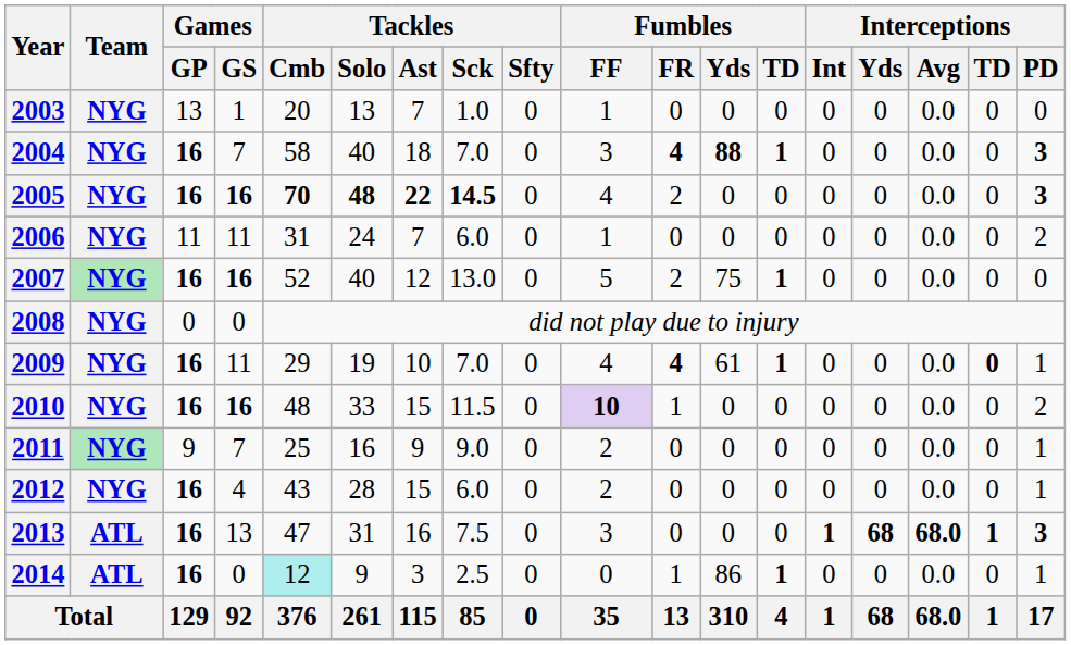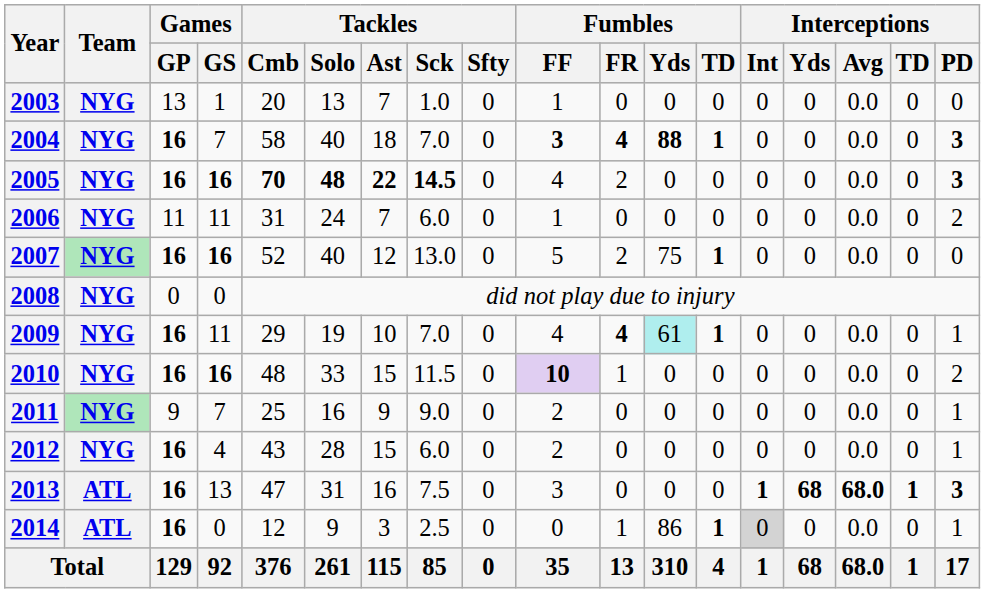 <table class="wikitable" style="text-align:center;">
 <tr>
 <th rowspan="2">Year</th>
 <th rowspan="2">Team</th>
 <th colspan="2">Games</th>
 <th colspan="5">Tackles</th>
 <th colspan="4">Fumbles</th>
 <th colspan="5">Interceptions</th>
 </tr>
 <tr>
 <th>GP</th>
 <th>GS</th>
 <th>Cmb</th>
 <th>Solo</th>
 <th>Ast</th>
 <th>Sck</th>
 <th>Sfty</th>
 <th>FF</th>
 <th>FR</th>
 <th>Yds</th>
 <th>TD</th>
 <th>Int</th>
 <th>Yds</th>
 <th>Avg</th>
 <th>TD</th>
 <th>PD</th>
 </tr>
 <tr>
 <th><a href='#'>2003</a></th>
 <th><a href='#'>NYG</a></th>
 <td>13</td>
 <td>1</td>
 <td>20</td>
 <td>13</td>
 <td>7</td>
 <td>1.0</td>
 <td>0</td>
 <td>1</td>
 <td>0</td>
 <td>0</td>
 <td>0</td>
 <td>0</td>
 <td>0</td>
 <td>0.0</td>
 <td>0</td>
 <td>0</td>
 </tr>
 <tr>
 <th><a href='#'>2004</a></th>
 <th><a href='#'>NYG</a></th>
 <td><strong>16</strong></td>
 <td>7</td>
 <td>58</td>
 <td>40</td>
 <td>18</td>
 <td>7.0</td>
 <td>0</td>
-<td>3</td>
+<td><strong>3</strong></td>
 <td><strong>4</strong></td>
 <td><strong>88</strong></td>
 <td><strong>1</strong></td>
 <td>0</td>
 <td>0</td>
 <td>0.0</td>
 <td>0</td>
 <td><strong>3</strong></td>
 </tr>
 <tr>
 <th><a href='#'>2005</a></th>
 <th><a href='#'>NYG</a></th>
 <td><strong>16</strong></td>
 <td><strong>16</strong></td>
 <td><strong>70</strong></td>
 <td><strong>48</strong></td>
 <td><strong>22</strong></td>
 <td><strong>14.5</strong></td>
 <td>0</td>
 <td>4</td>
 <td>2</td>
 <td>0</td>
 <td>0</td>
 <td>0</td>
 <td>0</td>
 <td>0.0</td>
 <td>0</td>
 <td><strong>3</strong></td>
 </tr>
 <tr>
 <th><a href='#'>2006</a></th>
 <th><a href='#'>NYG</a></th>
 <td>11</td>
 <td>11</td>
 <td>31</td>
 <td>24</td>
 <td>7</td>
 <td>6.0</td>
 <td>0</td>
 <td>1</td>
 <td>0</td>
 <td>0</td>
 <td>0</td>
 <td>0</td>
 <td>0</td>
 <td>0.0</td>
 <td>0</td>
 <td>2</td>
 </tr>
 <tr>
 <th><a href='#'>2007</a></th>
 <th style="background:#afe6ba; width:3em;"><a href='#'>NYG</a></th>
 <td><strong>16</strong></td>
 <td><strong>16</strong></td>
 <td>52</td>
 <td>40</td>
 <td>12</td>
 <td>13.0</td>
 <td>0</td>
 <td>5</td>
 <td>2</td>
 <td>75</td>
 <td><strong>1</strong></td>
 <td>0</td>
 <td>0</td>
 <td>0.0</td>
 <td>0</td>
 <td>0</td>
 </tr>
 <tr>
 <th><a href='#'>2008</a></th>
 <th><a href='#'>NYG</a></th>
 <td>0</td>
 <td>0</td>
 <td colspan="14"><em>did not play due to injury</em></td>
 </tr>
 <tr>
 <th><a href='#'>2009</a></th>
 <th><a href='#'>NYG</a></th>
 <td><strong>16</strong></td>
 <td>11</td>
 <td>29</td>
 <td>19</td>
 <td>10</td>
 <td>7.0</td>
 <td>0</td>
 <td>4</td>
 <td><strong>4</strong></td>
-<td>61</td>
+<td style="background: paleturquoise;">61</td>
 <td><strong>1</strong></td>
 <td>0</td>
 <td>0</td>
 <td>0.0</td>
-<td><strong>0</strong></td>
+<td>0</td>
 <td>1</td>
 </tr>
 <tr>
 <th><a href='#'>2010</a></th>
 <th><a href='#'>NYG</a></th>
 <td><strong>16</strong></td>
 <td><strong>16</strong></td>
 <td>48</td>
 <td>33</td>
 <td>15</td>
 <td>11.5</td>
 <td>0</td>
 <td style="background:#e0cef2; width:3em;"><strong>10</strong></td>
 <td>1</td>
 <td>0</td>
 <td>0</td>
 <td>0</td>
 <td>0</td>
 <td>0.0</td>
 <td>0</td>
 <td>2</td>
 </tr>
 <tr>
 <th><a href='#'>2011</a></th>
 <th style="background:#afe6ba; width:3em;"><a href='#'>NYG</a></th>
 <td>9</td>
 <td>7</td>
 <td>25</td>
 <td>16</td>
 <td>9</td>
 <td>9.0</td>
 <td>0</td>
 <td>2</td>
 <td>0</td>
 <td>0</td>
 <td>0</td>
 <td>0</td>
 <td>0</td>
 <td>0.0</td>
 <td>0</td>
 <td>1</td>
 </tr>
 <tr>
 <th><a href='#'>2012</a></th>
 <th><a href='#'>NYG</a></th>
 <td><strong>16</strong></td>
 <td>4</td>
 <td>43</td>
 <td>28</td>
 <td>15</td>
 <td>6.0</td>
 <td>0</td>
 <td>2</td>
 <td>0</td>
 <td>0</td>
 <td>0</td>
 <td>0</td>
 <td>0</td>
 <td>0.0</td>
 <td>0</td>
 <td>1</td>
 </tr>
 <tr>
 <th><a href='#'>2013</a></th>
 <th><a href='#'>ATL</a></th>
 <td><strong>16</strong></td>
 <td>13</td>
 <td>47</td>
 <td>31</td>
 <td>16</td>
 <td>7.5</td>
 <td>0</td>
 <td>3</td>
 <td>0</td>
 <td>0</td>
 <td>0</td>
 <td><strong>1</strong></td>
 <td><strong>68</strong></td>
 <td><strong>68.0</strong></td>
 <td><strong>1</strong></td>
 <td><strong>3</strong></td>
 </tr>
 <tr>
 <th><a href='#'>2014</a></th>
 <th><a href='#'>ATL</a></th>
 <td><strong>16</strong></td>
 <td>0</td>
-<td style="background: paleturquoise;">12</td>
+<td>12</td>
 <td>9</td>
 <td>3</td>
 <td>2.5</td>
 <td>0</td>
 <td>0</td>
 <td>1</td>
 <td>86</td>
 <td><strong>1</strong></td>
-<td>0</td>
+<td style="background: lightgrey;">0</td>
 <td>0</td>
 <td>0.0</td>
 <td>0</td>
 <td>1</td>
 </tr>
 <tr>
 <th colspan="2">Total</th>
 <th>129</th>
 <th>92</th>
 <th>376</th>
 <th>261</th>
 <th>115</th>
 <th>85</th>
 <th>0</th>
 <th>35</th>
 <th>13</th>
 <th>310</th>
 <th>4</th>
 <th>1</th>
 <th>68</th>
 <th>68.0</th>
 <th>1</th>
 <th>17</th>
 </tr>
 </table>
